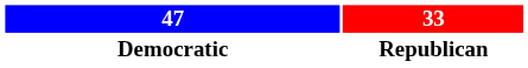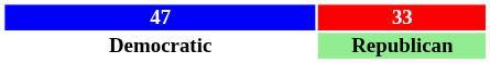 <table style="width:60%; text-align:center;">
 <tr style="color:white;">
 <td style="background:blue; width:65%;"><strong>47</strong></td>
 <td style="background:red; width:35%;"><strong>33</strong></td>
 </tr>
 <tr>
 <td><span><strong>Democratic</strong></span></td>
-<td><span><strong>Republican</strong></span></td>
+<td style="background: lightgreen;"><span><strong>Republican</strong></span></td>
 </tr>
 </table>
